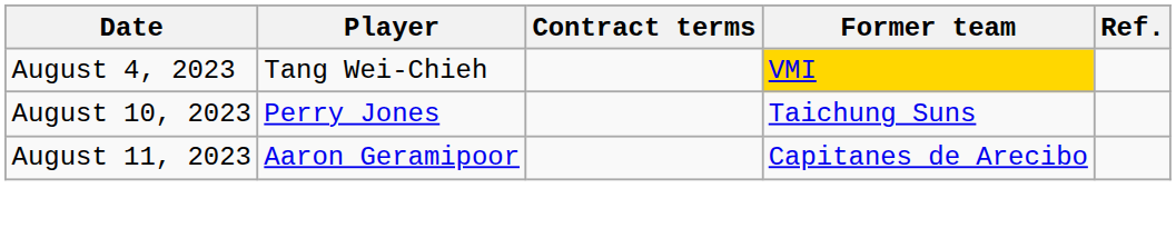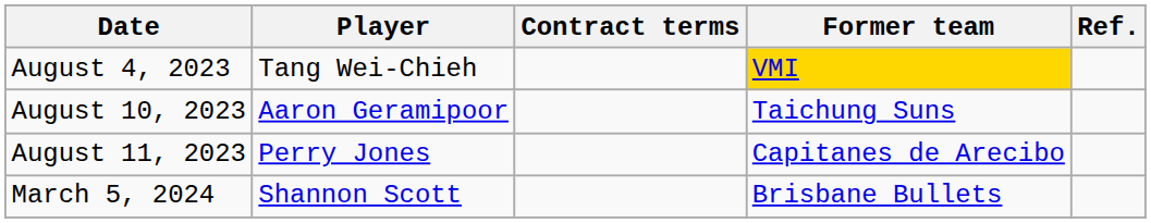 <table class="wikitable">
 <tr>
 <th>Date</th>
 <th>Player</th>
 <th>Contract terms</th>
 <th>Former team</th>
 <th>Ref.</th>
 </tr>
 <tr>
 <td>August 4, 2023</td>
 <td>Tang Wei-Chieh</td>
 <td></td>
 <td style="background: gold;"> <a href='#'>VMI</a></td>
 <td></td>
 </tr>
 <tr>
 <td>August 10, 2023</td>
-<td><a href='#'>Perry Jones</a></td>
+<td><a href='#'>Aaron Geramipoor</a></td>
 <td></td>
 <td> <a href='#'>Taichung Suns</a></td>
 <td></td>
 </tr>
 <tr>
 <td>August 11, 2023</td>
-<td><a href='#'>Aaron Geramipoor</a></td>
+<td><a href='#'>Perry Jones</a></td>
 <td></td>
 <td> <a href='#'>Capitanes de Arecibo</a></td>
 <td></td>
 </tr>
+<tr>
+<td>March 5, 2024</td>
+<td><a href='#'>Shannon Scott</a></td>
+<td></td>
+<td> <a href='#'>Brisbane Bullets</a></td>
+<td></td>
+</tr>
 </table>
